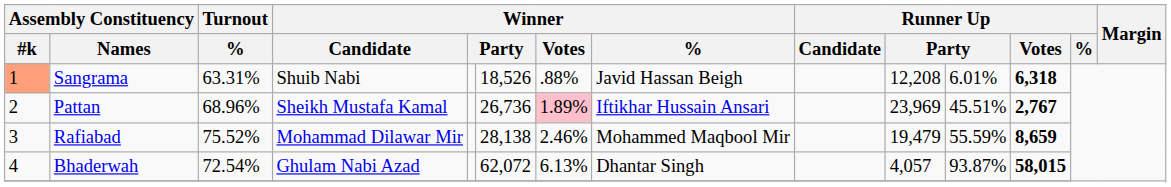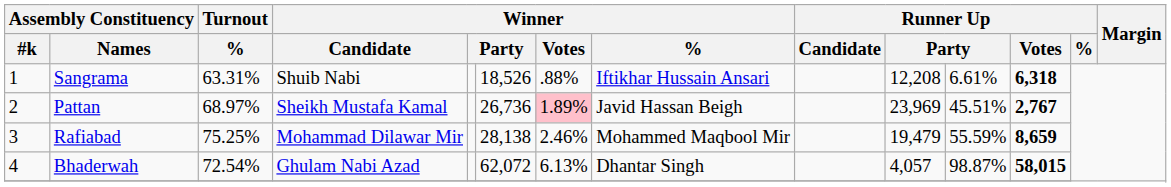 <table class="wikitable sortable">
 <tr>
 <th colspan="2">Assembly Constituency</th>
 <th>Turnout</th>
 <th colspan="5">Winner</th>
 <th colspan="5">Runner Up</th>
 <th rowspan="2" data-sort-type=number>Margin</th>
 </tr>
 <tr>
 <th>#k</th>
 <th>Names</th>
 <th>%</th>
 <th>Candidate</th>
 <th colspan="2">Party</th>
 <th data-sort-type=number>Votes</th>
 <th>%</th>
 <th>Candidate</th>
 <th colspan="2">Party</th>
 <th data-sort-type=number>Votes</th>
 <th>%</th>
 </tr>
 <tr>
-<td style="background: lightsalmon;">1</td>
+<td>1</td>
 <td><a href='#'>Sangrama</a></td>
 <td>63.31%</td>
 <td>Shuib Nabi</td>
 <td></td>
 <td>18,526</td>
 <td>.88%</td>
-<td>Javid Hassan Beigh</td>
+<td><a href='#'>Iftikhar Hussain Ansari</a></td>
 <td></td>
 <td>12,208</td>
-<td>6.01%</td>
+<td>6.61%</td>
 <td style="background:"><span><strong>6,318</strong></span></td>
 </tr>
 <tr>
 <td>2</td>
 <td><a href='#'>Pattan</a></td>
-<td>68.96%</td>
+<td>68.97%</td>
 <td><a href='#'>Sheikh Mustafa Kamal</a></td>
 <td></td>
 <td>26,736</td>
 <td style="background: pink;">1.89%</td>
-<td><a href='#'>Iftikhar Hussain Ansari</a></td>
+<td>Javid Hassan Beigh</td>
 <td></td>
 <td>23,969</td>
 <td>45.51%</td>
 <td style="background:"><span><strong>2,767</strong></span></td>
 </tr>
 <tr>
 <td>3</td>
 <td><a href='#'>Rafiabad</a></td>
-<td>75.52%</td>
+<td>75.25%</td>
 <td><a href='#'>Mohammad Dilawar Mir</a></td>
 <td></td>
 <td>28,138</td>
 <td>2.46%</td>
 <td>Mohammed Maqbool Mir</td>
 <td></td>
 <td>19,479</td>
 <td>55.59%</td>
 <td style="background:"><span><strong>8,659</strong></span></td>
 </tr>
 <tr>
 <td>4</td>
 <td><a href='#'>Bhaderwah</a></td>
 <td>72.54%</td>
 <td><a href='#'>Ghulam Nabi Azad</a></td>
 <td></td>
 <td>62,072</td>
 <td>6.13%</td>
 <td>Dhantar Singh</td>
 <td></td>
 <td>4,057</td>
-<td>93.87%</td>
+<td>98.87%</td>
 <td style="background:"><span><strong>58,015</strong></span></td>
 </tr>
 <tr>
 </tr>
 </table>
